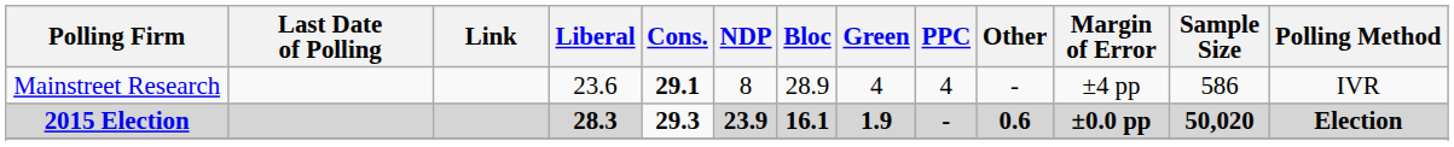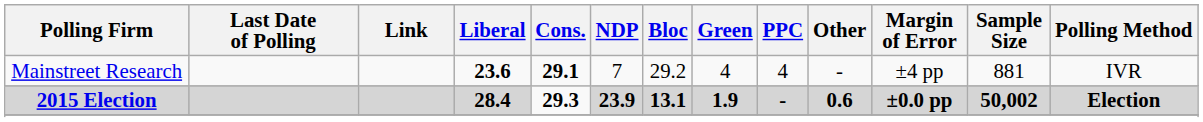 <table class="wikitable sortable" style="text-align:center;font-size:90%;line-height:14px;">
 <tr style="background:#e9e9e9;">
 <th style="width:120px">Polling Firm</th>
 <th style="width:110px">Last Date<br>of Polling</th>
 <th style="width:60px" class="unsortable">Link</th>
 <th style="background-color:"><strong><a href='#'>Liberal</a></strong></th>
 <th style="background-color:"><strong><a href='#'>Cons.</a></strong></th>
 <th style="background-color:"><strong><a href='#'>NDP</a></strong></th>
 <th style="background-color:"><strong><a href='#'>Bloc</a></strong></th>
 <th style="background-color:"><strong><a href='#'>Green</a></strong></th>
 <th style="background-color:"><strong><a href='#'>PPC</a></strong></th>
 <th style="background-color:"><strong>Other</strong></th>
 <th style="width:60px;" class=unsortable>Margin<br>of Error</th>
 <th style="width:50px;" class=unsortable>Sample<br>Size</th>
 <th class=unsortable>Polling Method</th>
 </tr>
 <tr>
 <td><a href='#'>Mainstreet Research</a></td>
 <td></td>
 <td></td>
-<td>23.6</td>
+<td><strong>23.6</strong></td>
 <td><strong>29.1</strong></td>
-<td>8</td>
-<td>28.9</td>
+<td>7</td>
+<td>29.2</td>
 <td>4</td>
 <td>4</td>
 <td>-</td>
 <td>±4 pp</td>
-<td>586</td>
+<td>881</td>
 <td>IVR</td>
 </tr>
 <tr>
 <td style="background:#D5D5D5"><strong><a href='#'>2015 Election</a></strong></td>
 <td style="background:#D5D5D5"><strong></strong></td>
 <td style="background:#D5D5D5"></td>
-<td style="background:#D5D5D5"><strong>28.3</strong></td>
+<td style="background:#D5D5D5"><strong>28.4</strong></td>
 <td><strong>29.3</strong></td>
 <td style="background:#D5D5D5"><strong>23.9</strong></td>
-<td style="background:#D5D5D5"><strong>16.1</strong></td>
+<td style="background:#D5D5D5"><strong>13.1</strong></td>
 <td style="background:#D5D5D5"><strong>1.9</strong></td>
 <td style="background:#D5D5D5"><strong>-</strong></td>
 <td style="background:#D5D5D5"><strong>0.6</strong></td>
 <td style="background:#D5D5D5"><strong>±0.0 pp</strong></td>
-<td style="background:#D5D5D5"><strong>50,020</strong></td>
+<td style="background:#D5D5D5"><strong>50,002</strong></td>
 <td style="background:#D5D5D5"><strong>Election</strong></td>
 </tr>
 <tr>
 </tr>
 <tr>
 </tr>
 </table>
